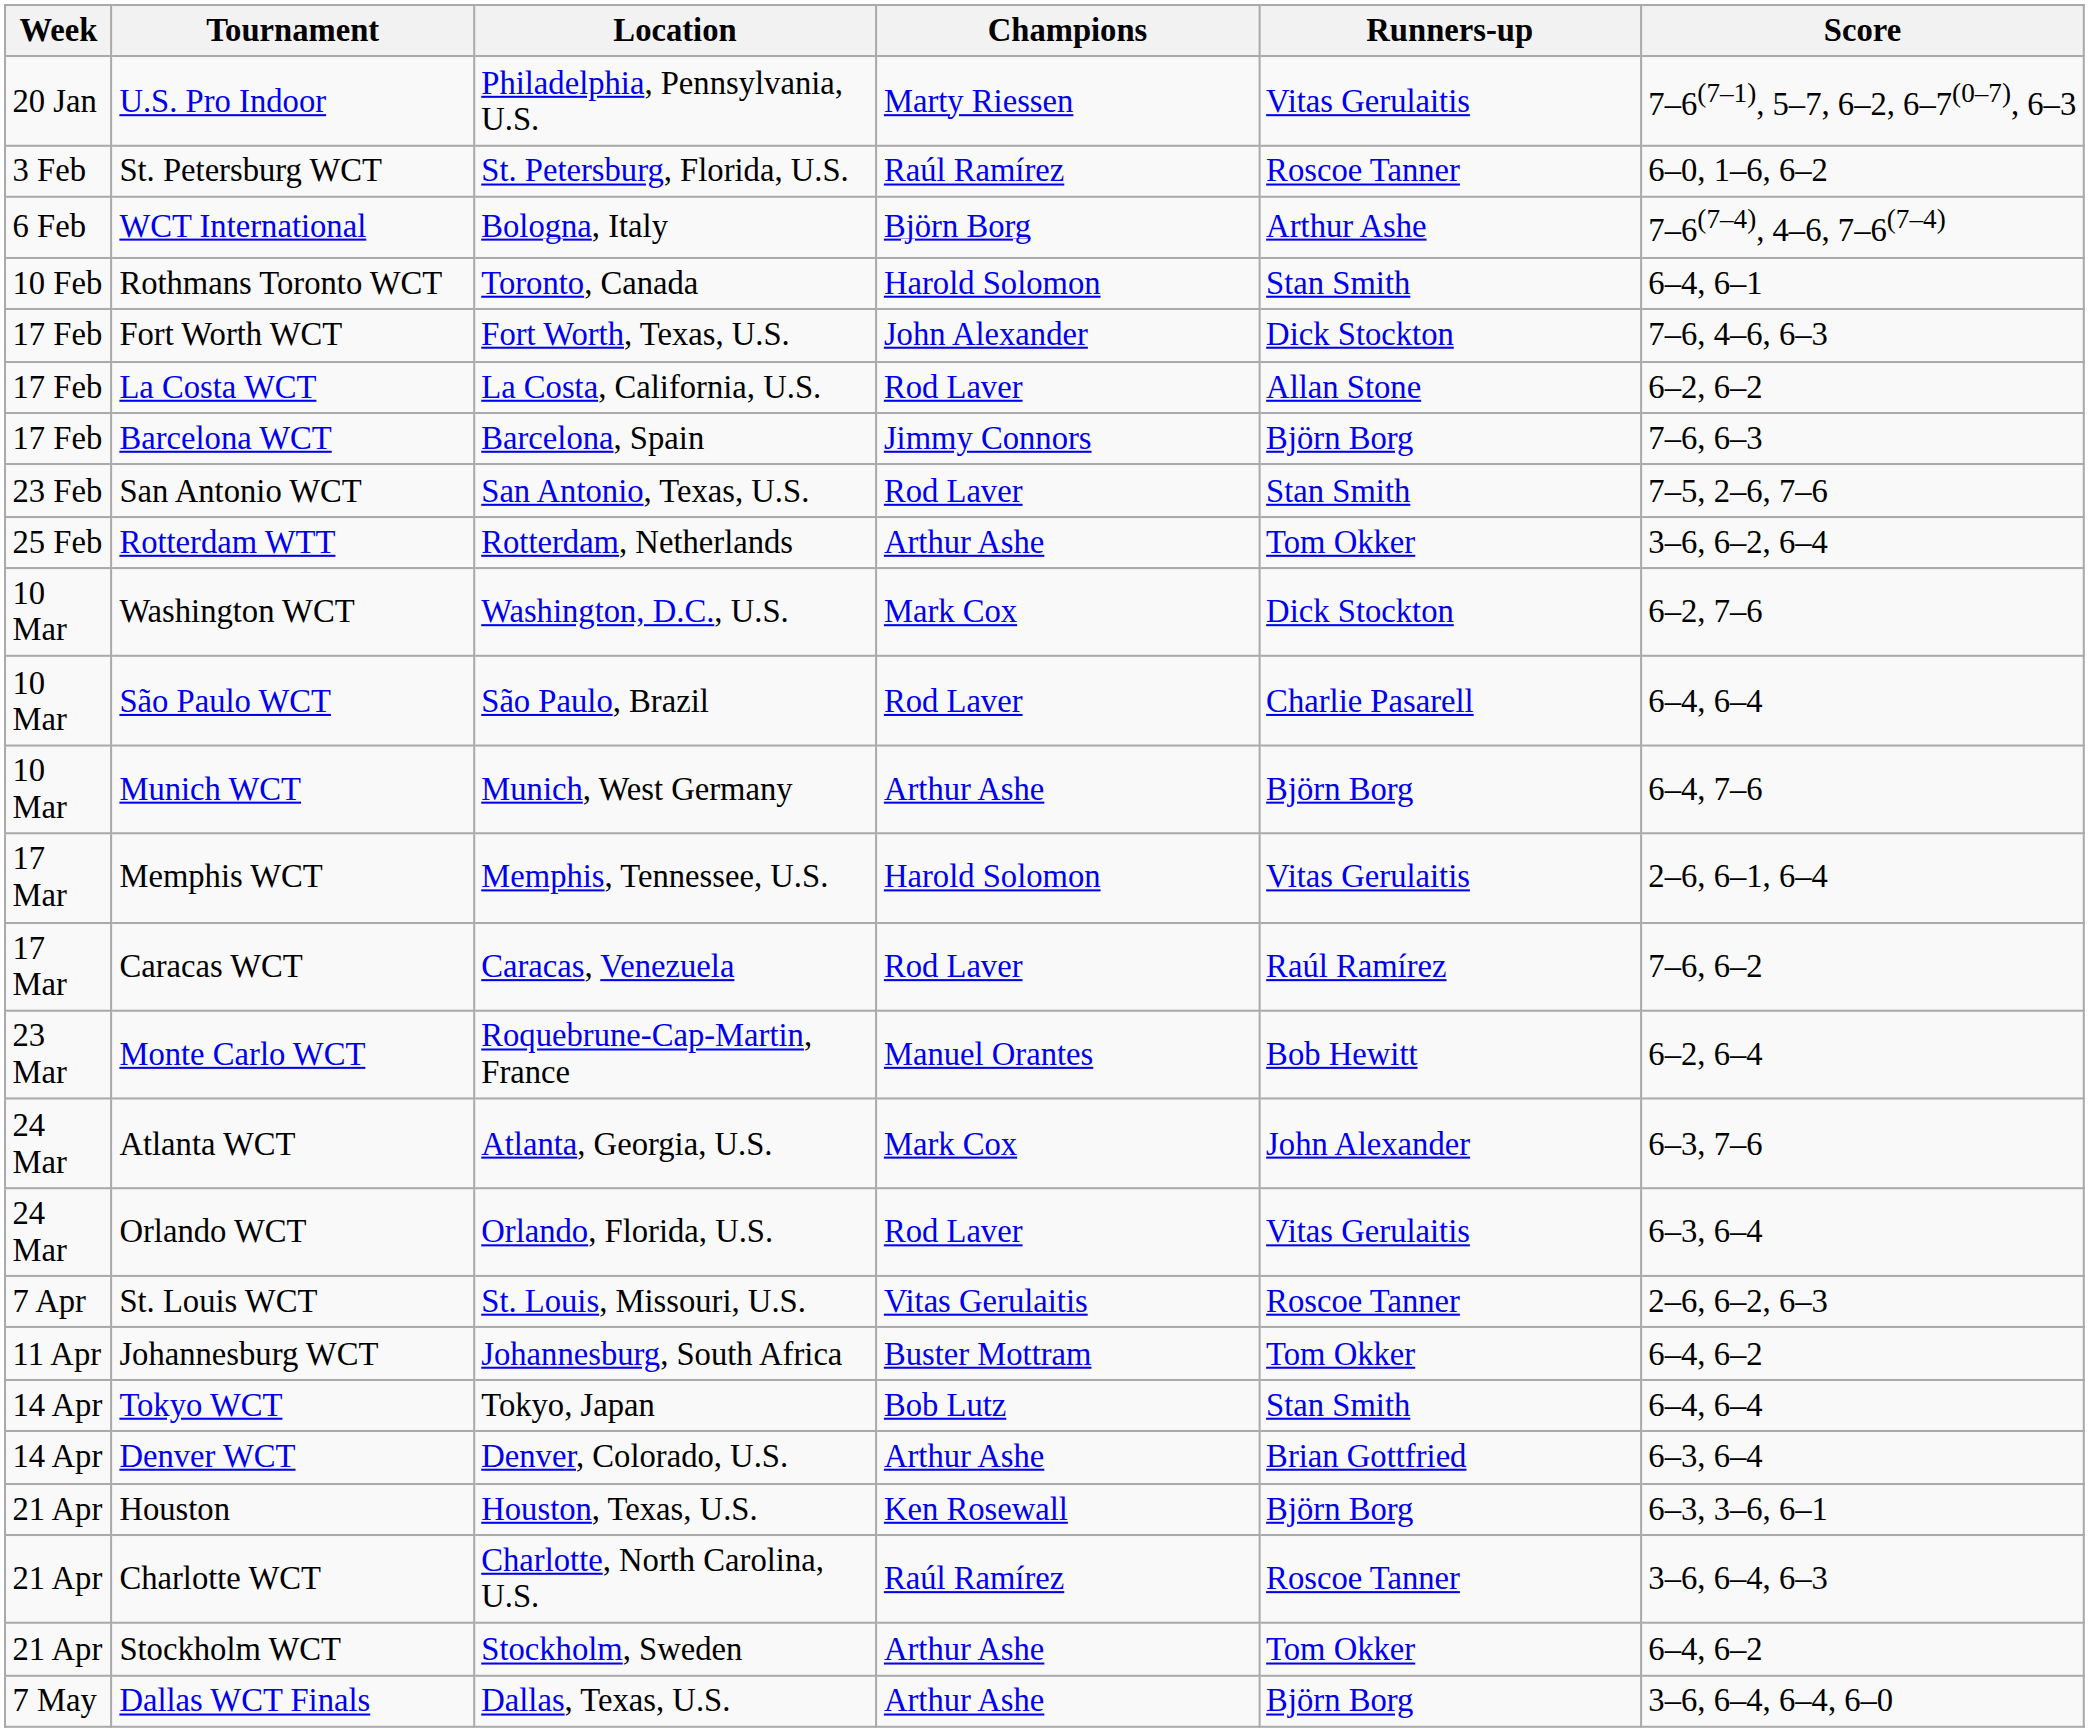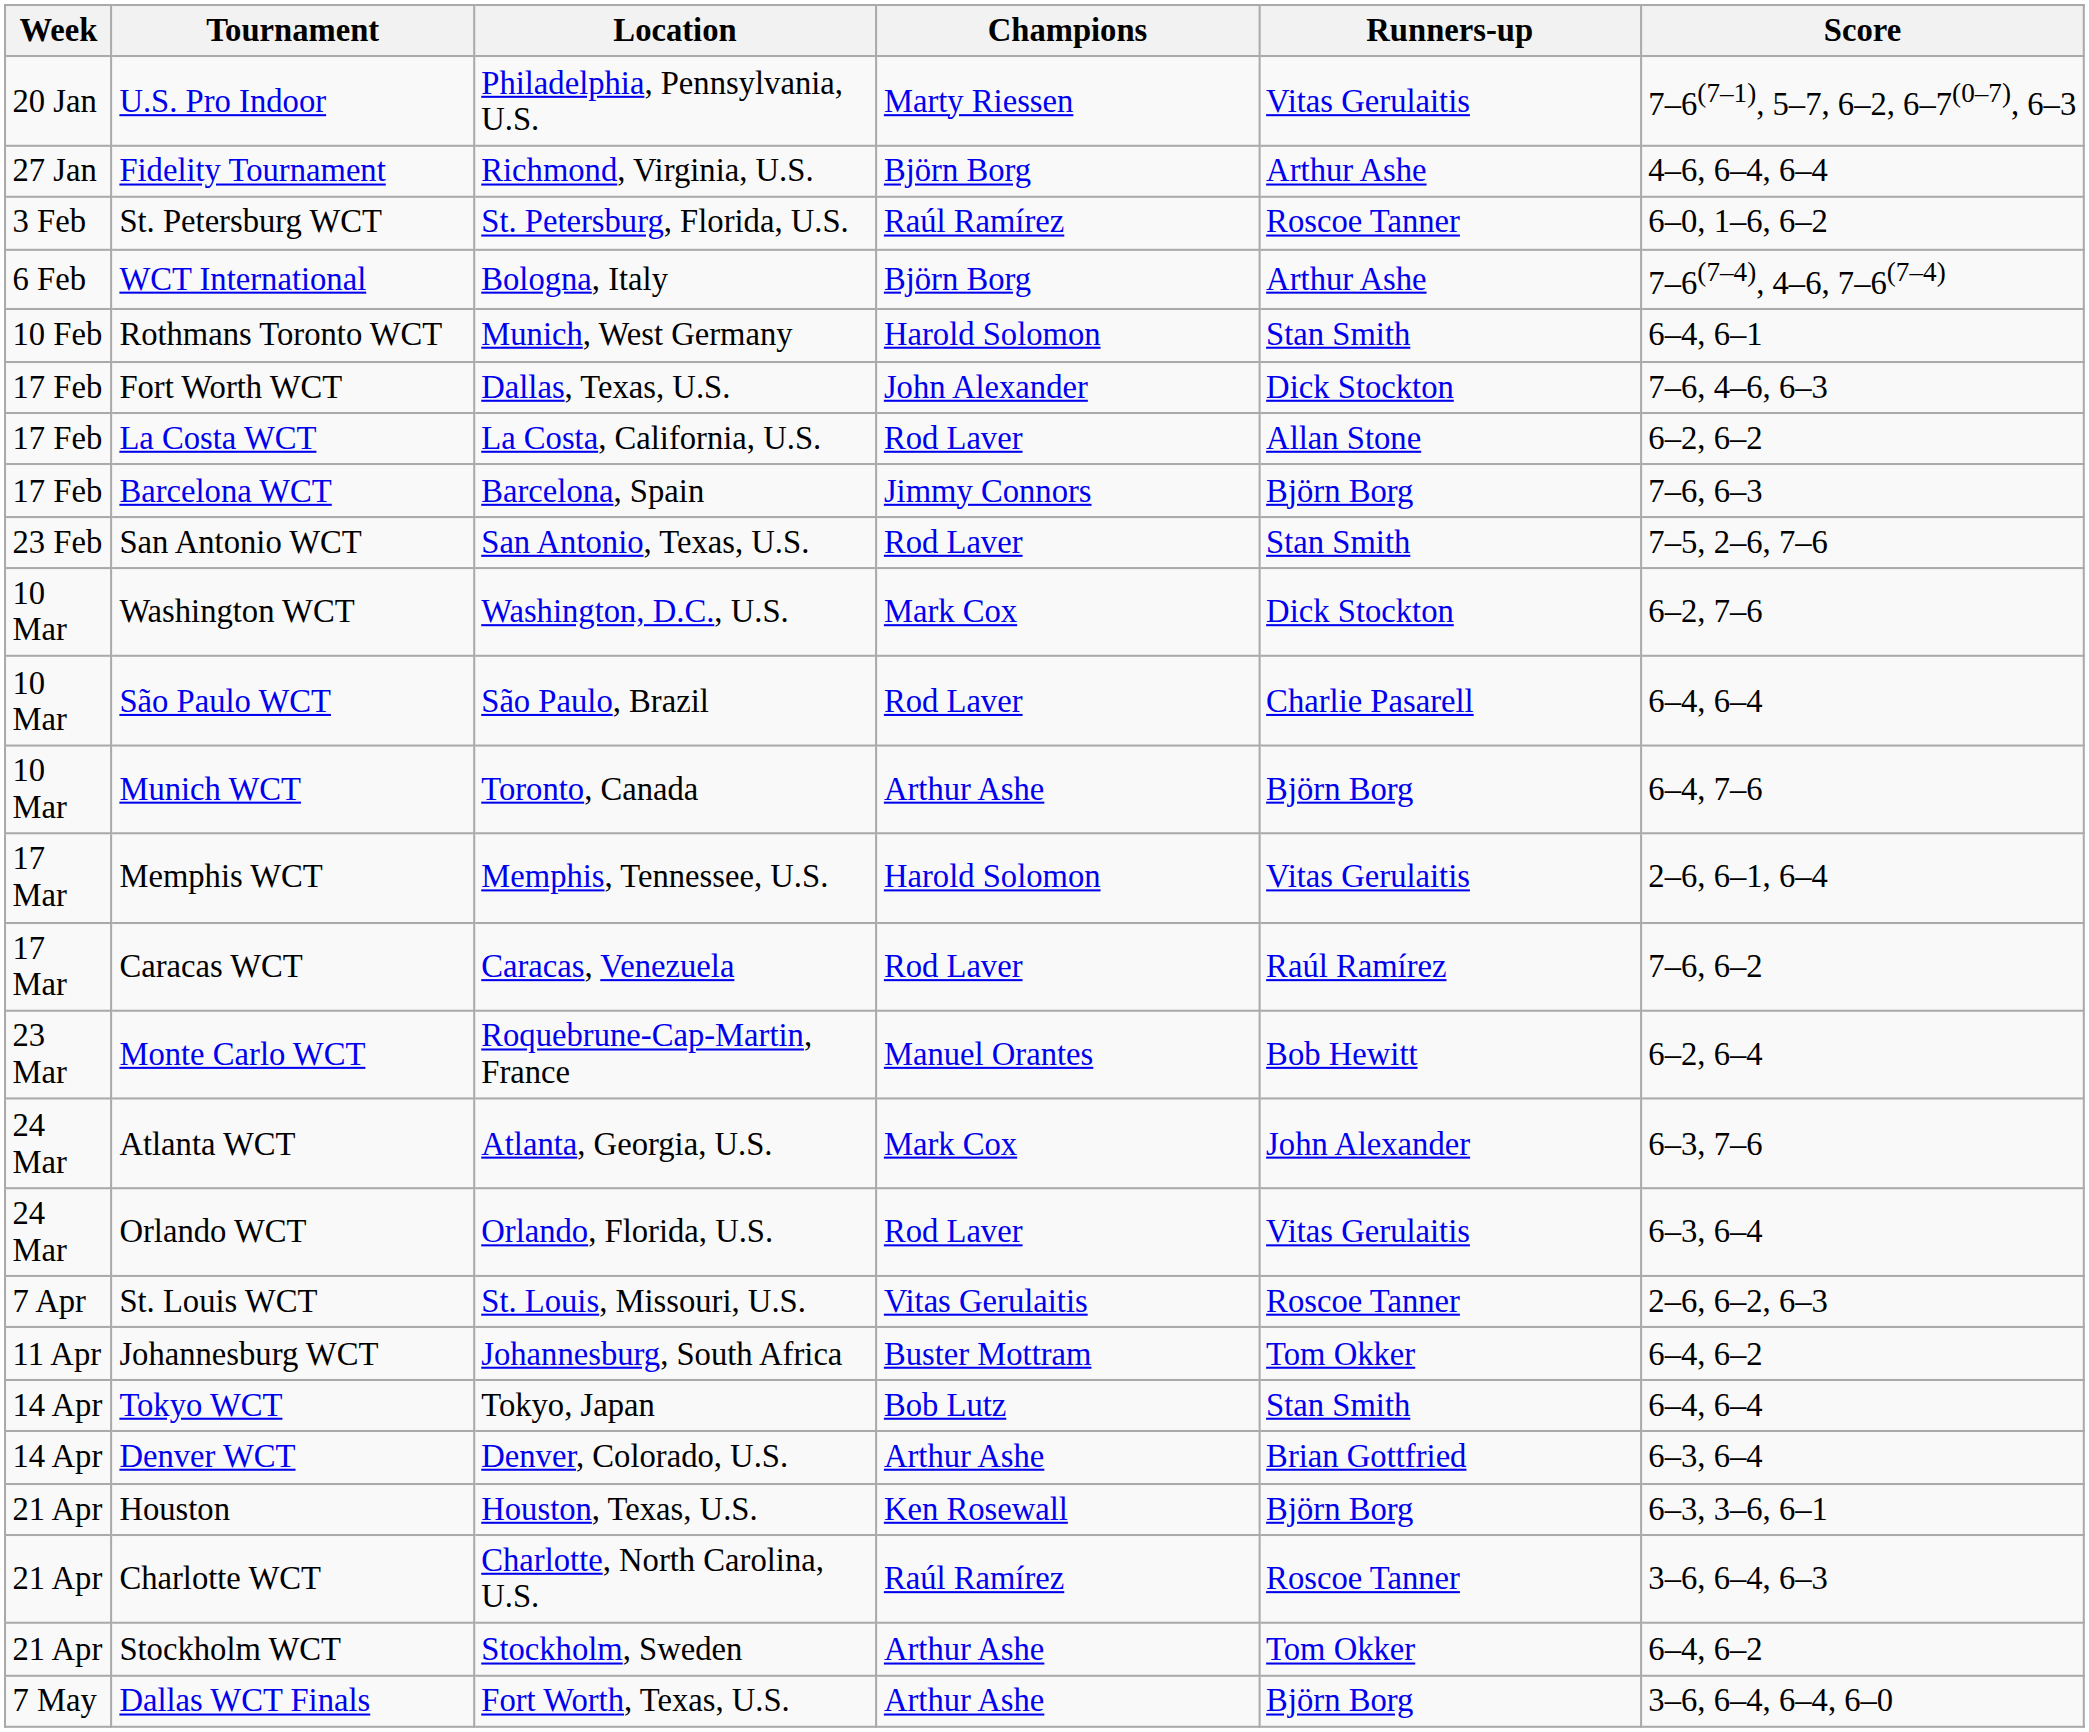 <table class="sortable wikitable">
 <tr>
 <th style="width:45px;">Week</th>
 <th style="width:170px;">Tournament</th>
 <th style="width:190px;">Location</th>
 <th style="width:180px;">Champions</th>
 <th style="width:180px;">Runners-up</th>
 <th style="width:210px;" class="unsortable">Score</th>
 </tr>
 <tr>
 <td>20 Jan</td>
 <td><a href='#'>U.S. Pro Indoor</a></td>
 <td><a href='#'>Philadelphia</a>, Pennsylvania, U.S.</td>
 <td> <a href='#'>Marty Riessen</a></td>
 <td> <a href='#'>Vitas Gerulaitis</a></td>
 <td>7–6<sup>(7–1)</sup>, 5–7, 6–2, 6–7<sup>(0–7)</sup>, 6–3</td>
+</tr>
+<tr>
+<td>27 Jan</td>
+<td><a href='#'>Fidelity Tournament</a></td>
+<td><a href='#'>Richmond</a>, Virginia, U.S.</td>
+<td> <a href='#'>Björn Borg</a></td>
+<td> <a href='#'>Arthur Ashe</a></td>
+<td>4–6, 6–4, 6–4</td>
 </tr>
 <tr>
 <td>3 Feb</td>
 <td>St. Petersburg WCT</td>
 <td><a href='#'>St. Petersburg</a>, Florida, U.S.</td>
 <td> <a href='#'>Raúl Ramírez</a></td>
 <td> <a href='#'>Roscoe Tanner</a></td>
 <td>6–0, 1–6, 6–2</td>
 </tr>
 <tr>
 <td>6 Feb</td>
 <td><a href='#'>WCT International</a></td>
 <td><a href='#'>Bologna</a>, Italy</td>
 <td> <a href='#'>Björn Borg</a></td>
 <td> <a href='#'>Arthur Ashe</a></td>
 <td>7–6<sup>(7–4)</sup>, 4–6, 7–6<sup>(7–4)</sup></td>
 </tr>
 <tr>
 <td>10 Feb</td>
 <td>Rothmans Toronto WCT</td>
-<td><a href='#'>Toronto</a>, Canada</td>
+<td><a href='#'>Munich</a>, West Germany</td>
 <td> <a href='#'>Harold Solomon</a></td>
 <td> <a href='#'>Stan Smith</a></td>
 <td>6–4, 6–1</td>
 </tr>
 <tr>
 <td>17 Feb</td>
 <td>Fort Worth WCT</td>
-<td><a href='#'>Fort Worth</a>, Texas, U.S.</td>
+<td><a href='#'>Dallas</a>, Texas, U.S.</td>
 <td> <a href='#'>John Alexander</a></td>
 <td> <a href='#'>Dick Stockton</a></td>
 <td>7–6, 4–6, 6–3</td>
 </tr>
 <tr>
 <td>17 Feb</td>
 <td><a href='#'>La Costa WCT</a></td>
 <td><a href='#'>La Costa</a>, California, U.S.</td>
 <td> <a href='#'>Rod Laver</a></td>
 <td> <a href='#'>Allan Stone</a></td>
 <td>6–2, 6–2</td>
 </tr>
 <tr>
 <td>17 Feb</td>
 <td><a href='#'>Barcelona WCT</a></td>
 <td><a href='#'>Barcelona</a>, Spain</td>
 <td> <a href='#'>Jimmy Connors</a></td>
 <td> <a href='#'>Björn Borg</a></td>
 <td>7–6, 6–3</td>
 </tr>
 <tr>
 <td>23 Feb</td>
 <td>San Antonio WCT</td>
 <td><a href='#'>San Antonio</a>, Texas, U.S.</td>
 <td> <a href='#'>Rod Laver</a></td>
 <td> <a href='#'>Stan Smith</a></td>
 <td>7–5, 2–6, 7–6</td>
 </tr>
 <tr>
-<td>25 Feb</td>
-<td><a href='#'>Rotterdam WTT</a></td>
-<td><a href='#'>Rotterdam</a>, Netherlands</td>
-<td> <a href='#'>Arthur Ashe</a></td>
-<td> <a href='#'>Tom Okker</a></td>
-<td>3–6, 6–2, 6–4</td>
-</tr>
-<tr>
 <td>10 Mar</td>
 <td>Washington WCT</td>
 <td><a href='#'>Washington, D.C.</a>, U.S.</td>
 <td> <a href='#'>Mark Cox</a></td>
 <td> <a href='#'>Dick Stockton</a></td>
 <td>6–2, 7–6</td>
 </tr>
 <tr>
 <td>10 Mar</td>
 <td><a href='#'>São Paulo WCT</a></td>
 <td><a href='#'>São Paulo</a>, Brazil</td>
 <td> <a href='#'>Rod Laver</a></td>
 <td> <a href='#'>Charlie Pasarell</a></td>
 <td>6–4, 6–4</td>
 </tr>
 <tr>
 <td>10 Mar</td>
 <td><a href='#'>Munich WCT</a></td>
-<td><a href='#'>Munich</a>, West Germany</td>
+<td><a href='#'>Toronto</a>, Canada</td>
 <td> <a href='#'>Arthur Ashe</a></td>
 <td> <a href='#'>Björn Borg</a></td>
 <td>6–4, 7–6</td>
 </tr>
 <tr>
 <td>17 Mar</td>
 <td>Memphis WCT</td>
 <td><a href='#'>Memphis</a>, Tennessee, U.S.</td>
 <td> <a href='#'>Harold Solomon</a></td>
 <td> <a href='#'>Vitas Gerulaitis</a></td>
 <td>2–6, 6–1, 6–4</td>
 </tr>
 <tr>
 <td>17 Mar</td>
 <td>Caracas WCT</td>
 <td><a href='#'>Caracas</a>, <a href='#'>Venezuela</a></td>
 <td> <a href='#'>Rod Laver</a></td>
 <td> <a href='#'>Raúl Ramírez</a></td>
 <td>7–6, 6–2</td>
 </tr>
 <tr>
 <td>23 Mar</td>
 <td><a href='#'>Monte Carlo WCT</a></td>
 <td><a href='#'>Roquebrune-Cap-Martin</a>, France</td>
 <td> <a href='#'>Manuel Orantes</a></td>
 <td> <a href='#'>Bob Hewitt</a></td>
 <td>6–2, 6–4</td>
 </tr>
 <tr>
 <td>24 Mar</td>
 <td>Atlanta WCT</td>
 <td><a href='#'>Atlanta</a>, Georgia, U.S.</td>
 <td> <a href='#'>Mark Cox</a></td>
 <td> <a href='#'>John Alexander</a></td>
 <td>6–3, 7–6</td>
 </tr>
 <tr>
 <td>24 Mar</td>
 <td>Orlando WCT</td>
 <td><a href='#'>Orlando</a>, Florida, U.S.</td>
 <td> <a href='#'>Rod Laver</a></td>
 <td> <a href='#'>Vitas Gerulaitis</a></td>
 <td>6–3, 6–4</td>
 </tr>
 <tr>
 <td>7 Apr</td>
 <td>St. Louis WCT</td>
 <td><a href='#'>St. Louis</a>, Missouri, U.S.</td>
 <td> <a href='#'>Vitas Gerulaitis</a></td>
 <td> <a href='#'>Roscoe Tanner</a></td>
 <td>2–6, 6–2, 6–3</td>
 </tr>
 <tr>
 <td>11 Apr</td>
 <td>Johannesburg WCT</td>
 <td><a href='#'>Johannesburg</a>, South Africa</td>
 <td> <a href='#'>Buster Mottram</a></td>
 <td> <a href='#'>Tom Okker</a></td>
 <td>6–4, 6–2</td>
 </tr>
 <tr>
 <td>14 Apr</td>
 <td><a href='#'>Tokyo WCT</a></td>
 <td>Tokyo, Japan</td>
 <td> <a href='#'>Bob Lutz</a></td>
 <td> <a href='#'>Stan Smith</a></td>
 <td>6–4, 6–4</td>
 </tr>
 <tr>
 <td>14 Apr</td>
 <td><a href='#'>Denver WCT</a></td>
 <td><a href='#'>Denver</a>, Colorado, U.S.</td>
 <td> <a href='#'>Arthur Ashe</a></td>
 <td> <a href='#'>Brian Gottfried</a></td>
 <td>6–3, 6–4</td>
 </tr>
 <tr>
 <td>21 Apr</td>
 <td>Houston</td>
 <td><a href='#'>Houston</a>, Texas, U.S.</td>
 <td> <a href='#'>Ken Rosewall</a></td>
 <td> <a href='#'>Björn Borg</a></td>
 <td>6–3, 3–6, 6–1</td>
 </tr>
 <tr>
 <td>21 Apr</td>
 <td>Charlotte WCT</td>
 <td><a href='#'>Charlotte</a>, North Carolina, U.S.</td>
 <td> <a href='#'>Raúl Ramírez</a></td>
 <td> <a href='#'>Roscoe Tanner</a></td>
 <td>3–6, 6–4, 6–3</td>
 </tr>
 <tr>
 <td>21 Apr</td>
 <td>Stockholm WCT</td>
 <td><a href='#'>Stockholm</a>, Sweden</td>
 <td> <a href='#'>Arthur Ashe</a></td>
 <td> <a href='#'>Tom Okker</a></td>
 <td>6–4, 6–2</td>
 </tr>
 <tr>
 <td>7 May</td>
 <td><a href='#'>Dallas WCT Finals</a></td>
-<td><a href='#'>Dallas</a>, Texas, U.S.</td>
+<td><a href='#'>Fort Worth</a>, Texas, U.S.</td>
 <td> <a href='#'>Arthur Ashe</a></td>
 <td> <a href='#'>Björn Borg</a></td>
 <td>3–6, 6–4, 6–4, 6–0</td>
 </tr>
 </table>
